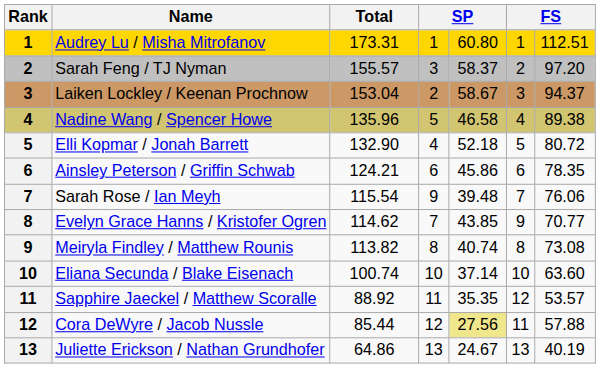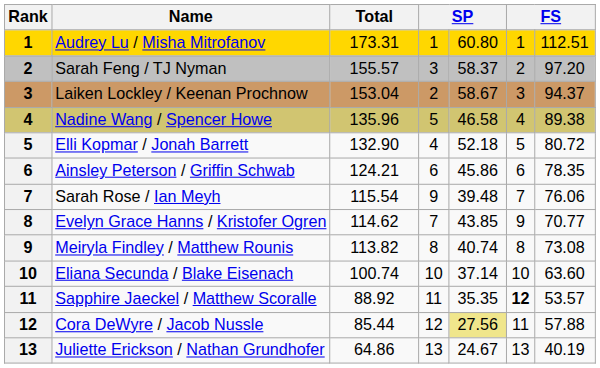 <table class="wikitable sortable">
 <tr>
 <th>Rank</th>
 <th>Name</th>
 <th width="80px">Total</th>
 <th colspan="2" width="80px"><a href='#'>SP</a></th>
 <th colspan="2" width="80px"><a href='#'>FS</a></th>
 </tr>
 <tr bgcolor="gold">
 <td align="center"><strong>1</strong></td>
 <td><a href='#'>Audrey Lu</a> / <a href='#'>Misha Mitrofanov</a></td>
 <td align="center">173.31</td>
 <td align="center">1</td>
 <td align="center">60.80</td>
 <td align="center">1</td>
 <td align="center">112.51</td>
 </tr>
 <tr bgcolor="silver">
 <td align="center"><strong>2</strong></td>
 <td>Sarah Feng / TJ Nyman</td>
 <td align="center">155.57</td>
 <td align="center">3</td>
 <td align="center">58.37</td>
 <td align="center">2</td>
 <td align="center">97.20</td>
 </tr>
 <tr bgcolor="cc9966">
 <td align="center"><strong>3</strong></td>
 <td>Laiken Lockley / Keenan Prochnow</td>
 <td align="center">153.04</td>
 <td align="center">2</td>
 <td align="center">58.67</td>
 <td align="center">3</td>
 <td align="center">94.37</td>
 </tr>
 <tr bgcolor="#d1c571">
 <td align="center"><strong>4</strong></td>
 <td><a href='#'>Nadine Wang</a> / <a href='#'>Spencer Howe</a></td>
 <td align="center">135.96</td>
 <td align="center">5</td>
 <td align="center">46.58</td>
 <td align="center">4</td>
 <td align="center">89.38</td>
 </tr>
 <tr>
 <th>5</th>
 <td><a href='#'>Elli Kopmar</a> / <a href='#'>Jonah Barrett</a></td>
 <td align="center">132.90</td>
 <td align="center">4</td>
 <td align="center">52.18</td>
 <td align="center">5</td>
 <td align="center">80.72</td>
 </tr>
 <tr>
 <th>6</th>
 <td><a href='#'>Ainsley Peterson</a> / <a href='#'>Griffin Schwab</a></td>
 <td align="center">124.21</td>
 <td align="center">6</td>
 <td align="center">45.86</td>
 <td align="center">6</td>
 <td align="center">78.35</td>
 </tr>
 <tr>
 <th>7</th>
 <td>Sarah Rose / <a href='#'>Ian Meyh</a></td>
 <td align="center">115.54</td>
 <td align="center">9</td>
 <td align="center">39.48</td>
 <td align="center">7</td>
 <td align="center">76.06</td>
 </tr>
 <tr>
 <th>8</th>
 <td><a href='#'>Evelyn Grace Hanns</a> / <a href='#'>Kristofer Ogren</a></td>
 <td align="center">114.62</td>
 <td align="center">7</td>
 <td align="center">43.85</td>
 <td align="center">9</td>
 <td align="center">70.77</td>
 </tr>
 <tr>
 <th>9</th>
 <td><a href='#'>Meiryla Findley</a> / <a href='#'>Matthew Rounis</a></td>
 <td align="center">113.82</td>
 <td align="center">8</td>
 <td align="center">40.74</td>
 <td align="center">8</td>
 <td align="center">73.08</td>
 </tr>
 <tr>
 <th>10</th>
 <td><a href='#'>Eliana Secunda</a> / <a href='#'>Blake Eisenach</a></td>
 <td align="center">100.74</td>
 <td align="center">10</td>
 <td align="center">37.14</td>
 <td align="center">10</td>
 <td align="center">63.60</td>
 </tr>
 <tr>
 <th>11</th>
 <td><a href='#'>Sapphire Jaeckel</a> / <a href='#'>Matthew Scoralle</a></td>
 <td align="center">88.92</td>
 <td align="center">11</td>
 <td align="center">35.35</td>
-<td align="center">12</td>
+<td align="center"><strong>12</strong></td>
 <td align="center">53.57</td>
 </tr>
 <tr>
 <th>12</th>
 <td><a href='#'>Cora DeWyre</a> / <a href='#'>Jacob Nussle</a></td>
 <td align="center">85.44</td>
 <td align="center">12</td>
 <td align="center" style="background: khaki;">27.56</td>
 <td align="center">11</td>
 <td align="center">57.88</td>
 </tr>
 <tr>
 <th>13</th>
 <td><a href='#'>Juliette Erickson</a> / <a href='#'>Nathan Grundhofer</a></td>
 <td align="center">64.86</td>
 <td align="center">13</td>
 <td align="center">24.67</td>
 <td align="center">13</td>
 <td align="center">40.19</td>
 </tr>
 </table>
